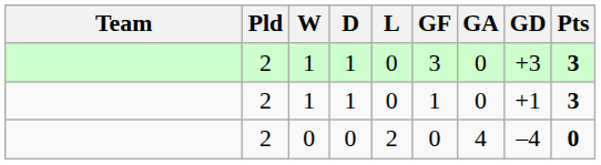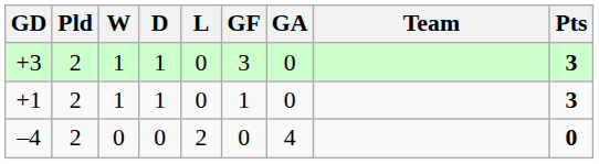 <table class="wikitable" style="text-align:center;">
 <tr>
-<th width=150>Team</th>
+<th width=20>GD</th>
 <th width=20>Pld</th>
 <th width=20>W</th>
 <th width=20>D</th>
 <th width=20>L</th>
 <th width=20>GF</th>
 <th width=20>GA</th>
-<th width=20>GD</th>
+<th width=150>Team</th>
 <th width=20>Pts</th>
 </tr>
 <tr bgcolor="#ccffcc">
-<td align="left"></td>
+<td>+3</td>
 <td>2</td>
 <td>1</td>
 <td>1</td>
 <td>0</td>
 <td>3</td>
 <td>0</td>
-<td>+3</td>
+<td align="left"></td>
 <td><strong>3</strong></td>
 </tr>
 <tr>
-<td align="left"></td>
+<td>+1</td>
 <td>2</td>
 <td>1</td>
 <td>1</td>
 <td>0</td>
 <td>1</td>
 <td>0</td>
-<td>+1</td>
+<td align="left"></td>
 <td><strong>3</strong></td>
 </tr>
 <tr>
-<td align="left"></td>
+<td>–4</td>
 <td>2</td>
 <td>0</td>
 <td>0</td>
 <td>2</td>
 <td>0</td>
 <td>4</td>
-<td>–4</td>
+<td align="left"></td>
 <td><strong>0</strong></td>
 </tr>
 </table>
